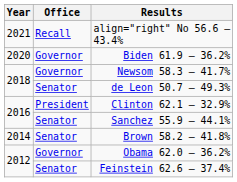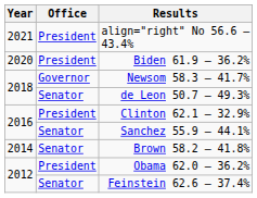 <table class=wikitable>
 <tr>
 <th width="30">Year</th>
 <th width="60">Office</th>
 <th width="180">Results</th>
 </tr>
 <tr>
 <td>2021</td>
-<td><a href='#'>Recall</a></td>
+<td><a href='#'>President</a></td>
 <td>align="right"  No 56.6 – 43.4%</td>
 </tr>
 <tr>
 <td>2020</td>
-<td><a href='#'>Governor</a></td>
+<td><a href='#'>President</a></td>
 <td align="right" ><a href='#'>Biden</a> 61.9 – 36.2%</td>
 </tr>
 <tr>
 <td rowspan="2">2018</td>
 <td><a href='#'>Governor</a></td>
 <td align="right" ><a href='#'>Newsom</a> 58.3 – 41.7%</td>
 </tr>
 <tr>
 <td><a href='#'>Senator</a></td>
 <td align="right" ><a href='#'>de Leon</a> 50.7 – 49.3%</td>
 </tr>
 <tr>
 <td rowspan="2">2016</td>
 <td><a href='#'>President</a></td>
 <td align="right" ><a href='#'>Clinton</a> 62.1 – 32.9%</td>
 </tr>
 <tr>
 <td><a href='#'>Senator</a></td>
 <td align="right" ><a href='#'>Sanchez</a> 55.9 – 44.1%</td>
 </tr>
 <tr>
 <td>2014</td>
 <td><a href='#'>Senator</a></td>
 <td align="right" ><a href='#'>Brown</a> 58.2 – 41.8%</td>
 </tr>
 <tr>
 <td rowspan="2">2012</td>
-<td><a href='#'>Governor</a></td>
+<td><a href='#'>President</a></td>
 <td align="right" ><a href='#'>Obama</a> 62.0 – 36.2%</td>
 </tr>
 <tr>
 <td><a href='#'>Senator</a></td>
 <td align="right" ><a href='#'>Feinstein</a> 62.6 – 37.4%</td>
 </tr>
 </table>
